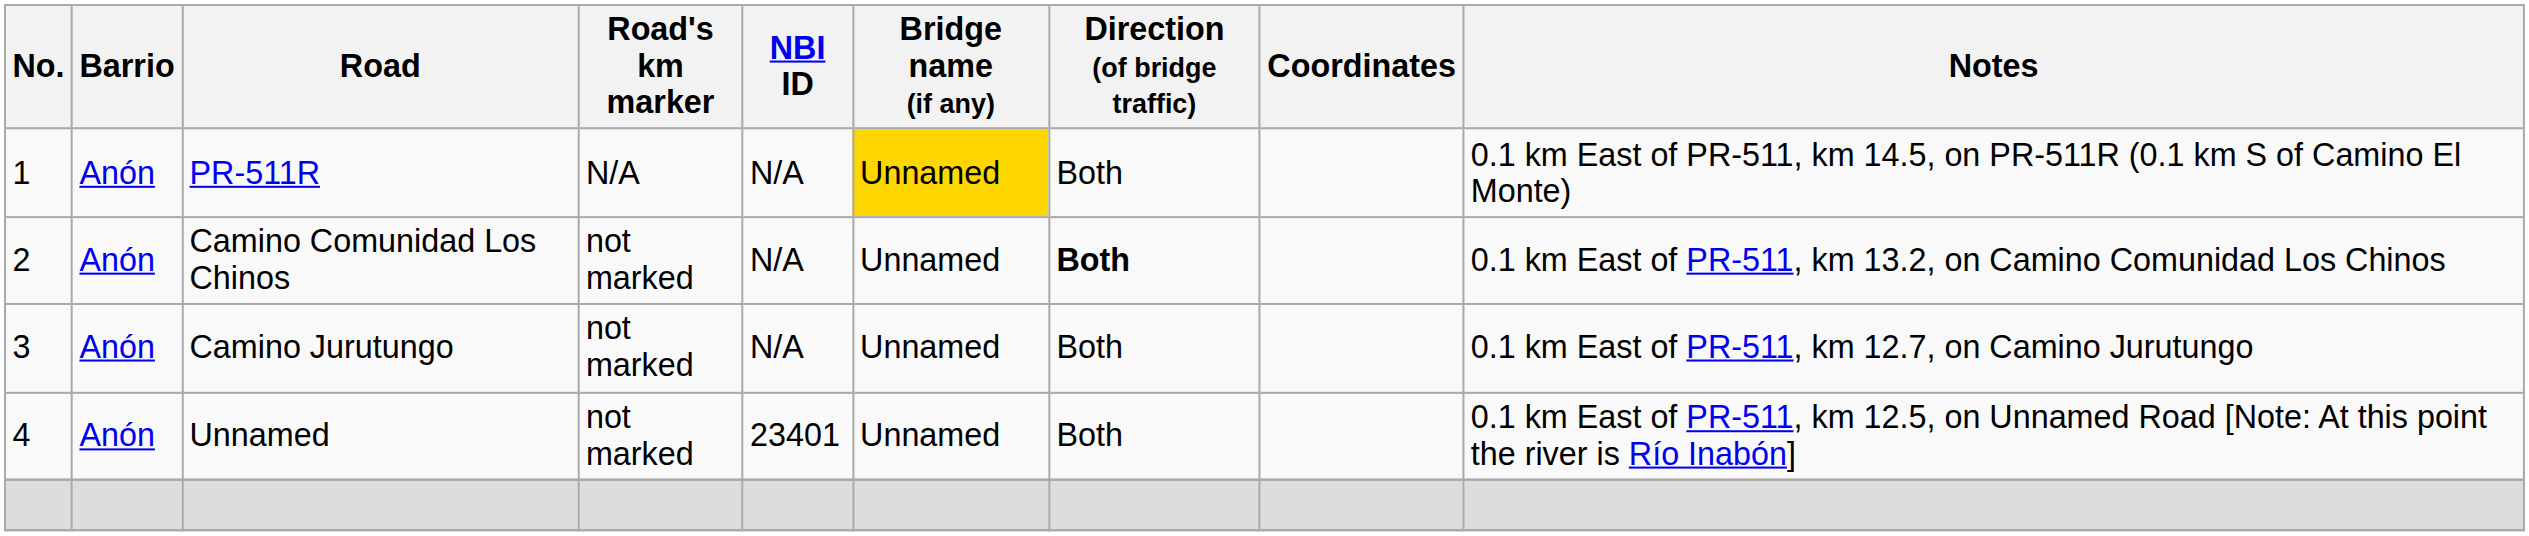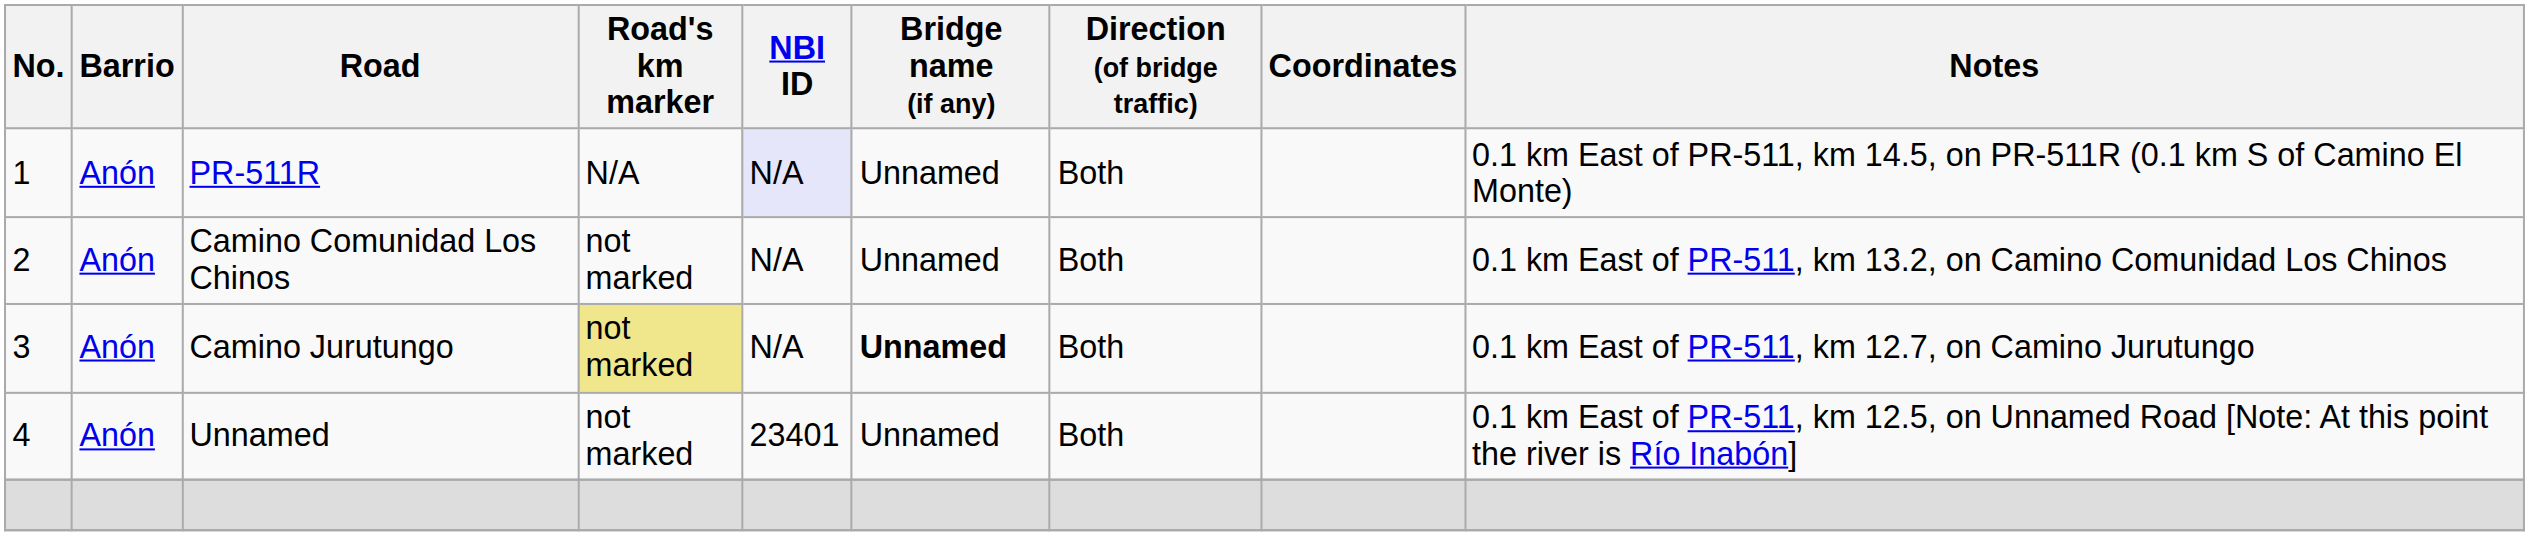 <table class="wikitable sortable">
 <tr>
 <th>No.</th>
 <th>Barrio</th>
 <th>Road</th>
 <th>Road's<br>km marker</th>
 <th><a href='#'>NBI</a> ID</th>
 <th>Bridge name <br><small>(if any)</small></th>
 <th>Direction <br><small>(of bridge traffic)</small></th>
 <th>Coordinates</th>
 <th>Notes</th>
 </tr>
 <tr>
 <td>1</td>
 <td><a href='#'>Anón</a></td>
 <td><a href='#'>PR-511R</a></td>
 <td>N/A</td>
-<td>N/A</td>
-<td style="background: gold;">Unnamed</td>
+<td style="background: lavender;">N/A</td>
+<td>Unnamed</td>
 <td>Both</td>
 <td></td>
 <td>0.1 km East of PR-511, km 14.5, on PR-511R (0.1 km S of Camino El Monte)</td>
 </tr>
 <tr>
 <td>2</td>
 <td><a href='#'>Anón</a></td>
 <td>Camino Comunidad Los Chinos</td>
 <td>not marked</td>
 <td>N/A</td>
 <td>Unnamed</td>
-<td><strong>Both</strong></td>
+<td>Both</td>
 <td></td>
 <td>0.1 km East of <a href='#'>PR-511</a>, km 13.2, on Camino Comunidad Los Chinos</td>
 </tr>
 <tr>
 <td>3</td>
 <td><a href='#'>Anón</a></td>
 <td>Camino Jurutungo</td>
-<td>not marked</td>
+<td style="background: khaki;">not marked</td>
 <td>N/A</td>
-<td>Unnamed</td>
+<td><strong>Unnamed</strong></td>
 <td>Both</td>
 <td></td>
 <td>0.1 km East of <a href='#'>PR-511</a>, km 12.7, on Camino Jurutungo</td>
 </tr>
 <tr>
 <td>4</td>
 <td><a href='#'>Anón</a></td>
 <td>Unnamed</td>
 <td>not marked</td>
 <td>23401</td>
 <td>Unnamed</td>
 <td>Both</td>
 <td></td>
 <td>0.1 km East of <a href='#'>PR-511</a>, km 12.5, on Unnamed Road [Note: At this point the river is <a href='#'>Río Inabón</a>]</td>
 </tr>
 <tr>
 </tr>
 <tr style="background: #DDDDDD;" class="sortbottom">
 <td> </td>
 <td></td>
 <td></td>
 <td></td>
 <td></td>
 <td></td>
 <td></td>
 <td></td>
 <td></td>
 </tr>
 <tr bgcolor=#ffffff class="sortbottom">
 </tr>
 </table>
